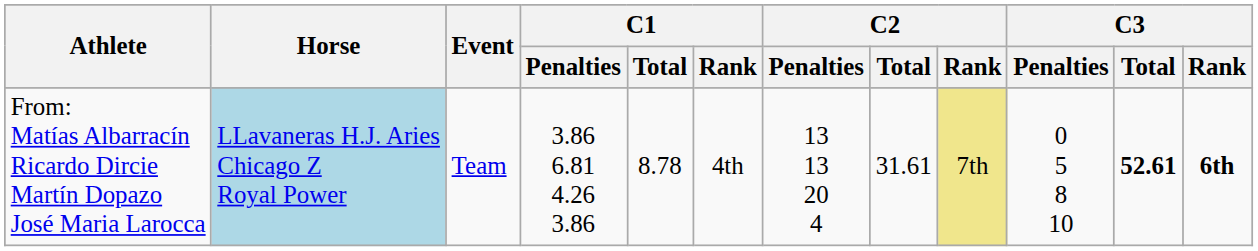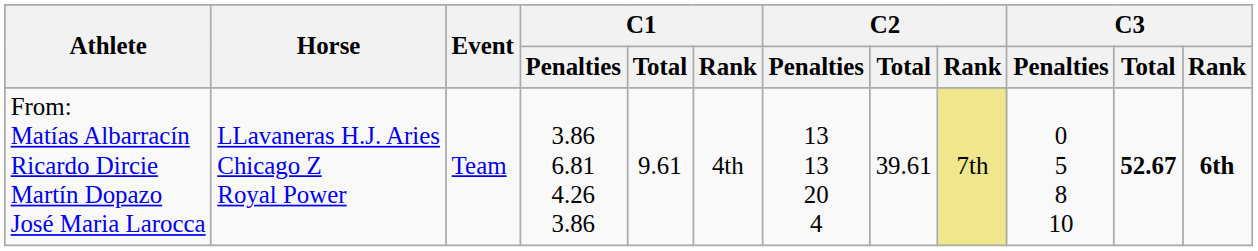 <table class=wikitable style="font-size:90%">
 <tr>
 <th rowspan="2">Athlete</th>
 <th rowspan="2">Horse</th>
 <th rowspan="2">Event</th>
 <th colspan="3">C1</th>
 <th colspan="3">C2</th>
 <th colspan="3">C3</th>
 </tr>
 <tr>
 <th>Penalties</th>
 <th>Total</th>
 <th>Rank</th>
 <th>Penalties</th>
 <th>Total</th>
 <th>Rank</th>
 <th>Penalties</th>
 <th>Total</th>
 <th>Rank</th>
 </tr>
 <tr>
 <td>From: <br><a href='#'>Matías Albarracín</a><br><a href='#'>Ricardo Dircie</a><br><a href='#'>Martín Dopazo</a><br><a href='#'>José Maria Larocca</a></td>
-<td style="background: lightblue;"><a href='#'>LLavaneras H.J. Aries</a><br><a href='#'>Chicago Z</a><br><a href='#'>Royal Power</a></td>
+<td><a href='#'>LLavaneras H.J. Aries</a><br><a href='#'>Chicago Z</a><br><a href='#'>Royal Power</a></td>
 <td><a href='#'>Team</a></td>
 <td align=center><br>3.86<br>6.81<br>4.26<br>3.86</td>
-<td align=center>8.78</td>
+<td align=center>9.61</td>
 <td align=center>4th</td>
 <td align=center><br>13<br>13<br>20<br>4</td>
-<td align=center>31.61</td>
+<td align=center>39.61</td>
 <td align=center style="background: khaki;">7th</td>
 <td align=center><br>0<br>5<br>8<br>10</td>
-<td align=center><strong>52.61</strong></td>
+<td align=center><strong>52.67</strong></td>
 <td align=center><strong>6th</strong></td>
 </tr>
 </table>
